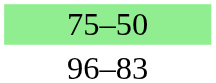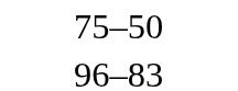 <table style="text-align:center">
 <tr>
 <th width=200></th>
 <th width=100></th>
 <th width=200></th>
 <th></th>
 </tr>
 <tr>
 <td align=right><strong></strong></td>
-<td style="background: lightgreen;">75–50</td>
+<td>75–50</td>
 <td align=left></td>
 </tr>
 <tr>
 <td align=right><strong></strong></td>
 <td>96–83</td>
 <td align=left></td>
 </tr>
 </table>
